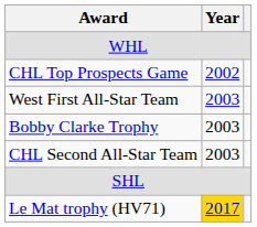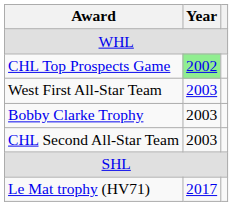 <table class="wikitable">
 <tr>
 <th>Award</th>
 <th>Year</th>
 <th></th>
 </tr>
 <tr ALIGN="center" bgcolor="#e0e0e0">
 <td colspan="3"><a href='#'>WHL</a></td>
 </tr>
 <tr>
 <td><a href='#'>CHL Top Prospects Game</a></td>
-<td><a href='#'>2002</a></td>
+<td style="background: lightgreen;"><a href='#'>2002</a></td>
 <td></td>
 </tr>
 <tr>
 <td>West First All-Star Team</td>
 <td><a href='#'>2003</a></td>
 <td></td>
 </tr>
 <tr>
 <td><a href='#'>Bobby Clarke Trophy</a></td>
 <td>2003</td>
 <td></td>
 </tr>
 <tr>
 <td><a href='#'>CHL</a> Second All-Star Team</td>
 <td>2003</td>
 <td></td>
 </tr>
 <tr ALIGN="center" bgcolor="#e0e0e0">
 <td colspan="3"><a href='#'>SHL</a></td>
 </tr>
 <tr>
 <td><a href='#'>Le Mat trophy</a> (HV71)</td>
-<td style="background: gold;"><a href='#'>2017</a></td>
+<td><a href='#'>2017</a></td>
 <td></td>
 </tr>
 </table>
